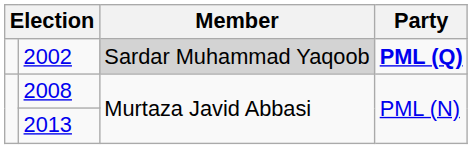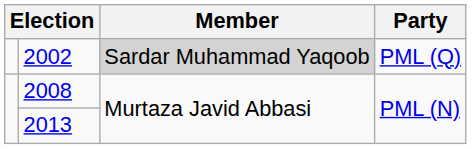 <table class="wikitable">
 <tr>
 <th colspan="2">Election</th>
 <th>Member</th>
 <th>Party</th>
 </tr>
 <tr>
 <td style="background-color: "></td>
 <td><a href='#'>2002</a></td>
 <td style="background: lightgrey;">Sardar Muhammad Yaqoob</td>
-<td><strong><a href='#'>PML (Q)</a></strong></td>
+<td><a href='#'>PML (Q)</a></td>
 </tr>
 <tr>
 <td rowspan=2 style="background-color: "></td>
 <td><a href='#'>2008</a></td>
 <td rowspan=2>Murtaza Javid Abbasi</td>
 <td rowspan=2><a href='#'>PML (N)</a></td>
 </tr>
 <tr>
 <td><a href='#'>2013</a></td>
 </tr>
 </table>
